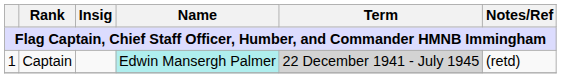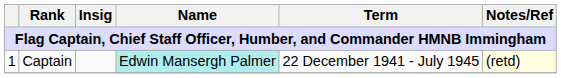 <table class="wikitable">
 <tr>
 <th></th>
 <th>Rank</th>
 <th>Insig</th>
 <th>Name</th>
 <th>Term</th>
 <th>Notes/Ref</th>
 </tr>
 <tr>
 <td colspan="6" align="center" style="background:#dcdcfe;"><strong>Flag Captain, Chief Staff Officer, Humber, and Commander HMNB Immingham</strong></td>
 </tr>
 <tr>
 <td>1</td>
 <td>Captain</td>
 <td></td>
 <td style="background: paleturquoise;">Edwin Mansergh Palmer</td>
-<td style="background: lightgrey;">22 December 1941 - July 1945</td>
-<td>(retd) </td>
+<td>22 December 1941 - July 1945</td>
+<td style="background: lightyellow;">(retd) </td>
 </tr>
 <tr>
 </tr>
 </table>
